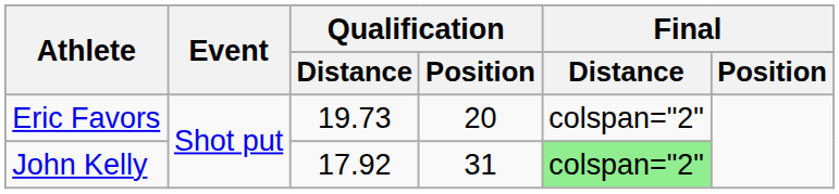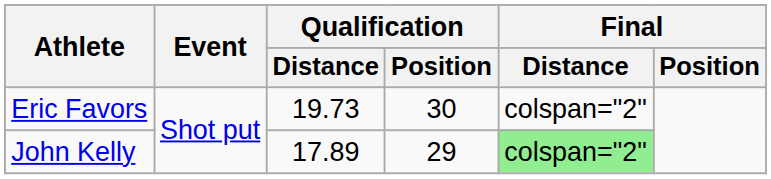 <table class="wikitable" style="font-size:90%">
 <tr>
 <th rowspan="2">Athlete</th>
 <th rowspan="2">Event</th>
 <th colspan="2">Qualification</th>
 <th colspan="2">Final</th>
 </tr>
 <tr style="font-size:95%">
 <th>Distance</th>
 <th>Position</th>
 <th>Distance</th>
 <th>Position</th>
 </tr>
 <tr align="center">
 <td align="left"><a href='#'>Eric Favors</a></td>
 <td rowspan="2" align="left"><a href='#'>Shot put</a></td>
 <td>19.73</td>
-<td>20</td>
+<td>30</td>
 <td>colspan="2" </td>
 </tr>
 <tr align="center">
 <td align="left"><a href='#'>John Kelly</a></td>
-<td>17.92</td>
-<td>31</td>
+<td>17.89</td>
+<td>29</td>
 <td style="background: lightgreen;">colspan="2" </td>
 </tr>
 </table>
